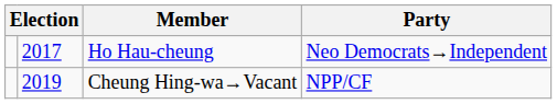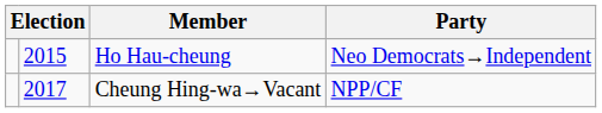 <table class="wikitable">
 <tr>
 <th colspan="2">Election</th>
 <th>Member</th>
 <th>Party</th>
 </tr>
 <tr>
 <td style="background-color:"></td>
-<td><a href='#'>2017</a></td>
+<td><a href='#'>2015</a></td>
 <td><a href='#'>Ho Hau-cheung</a></td>
 <td><a href='#'>Neo Democrats</a>→<a href='#'>Independent</a></td>
 </tr>
 <tr>
 <td style="background-color:"></td>
-<td><a href='#'>2019</a></td>
+<td><a href='#'>2017</a></td>
 <td>Cheung Hing-wa→Vacant</td>
 <td><a href='#'>NPP/CF</a></td>
 </tr>
 </table>
